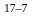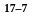 <table style="text-align:center">
 <tr>
 <th width=200></th>
 <th width=100></th>
 <th width=200></th>
 </tr>
 <tr>
 <td align=right><strong></strong></td>
-<td>17–7</td>
+<td><strong>17–7</strong></td>
 <td align=left></td>
 </tr>
 </table>
